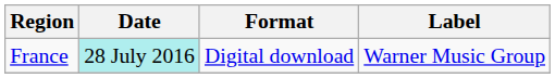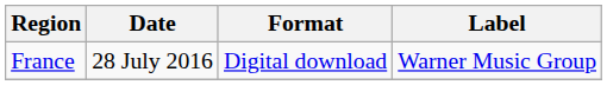 <table class=wikitable>
 <tr>
 <th>Region</th>
 <th>Date</th>
 <th>Format</th>
 <th>Label</th>
 </tr>
 <tr>
 <td><a href='#'>France</a></td>
-<td style="background: paleturquoise;">28 July 2016</td>
+<td>28 July 2016</td>
 <td><a href='#'>Digital download</a></td>
 <td><a href='#'>Warner Music Group</a></td>
 </tr>
 <tr>
 </tr>
 </table>
